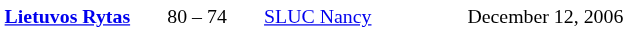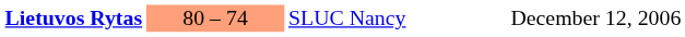 <table style="text-align:center">
 <tr>
 <th width=160></th>
 <th width=100></th>
 <th width=160></th>
 <th width=200></th>
 </tr>
 <tr>
 <td align=right><strong><a href='#'>Lietuvos Rytas</a></strong> </td>
-<td>80 – 74</td>
+<td style="background: lightsalmon;">80 – 74</td>
 <td align=left> <a href='#'>SLUC Nancy</a></td>
 <td align=left>December 12, 2006</td>
 </tr>
 </table>
